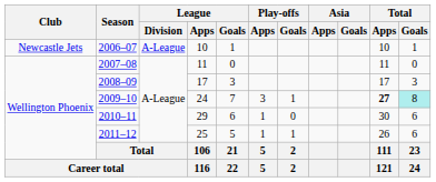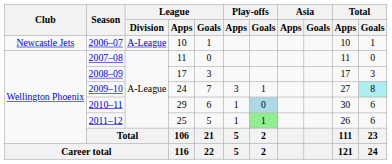 <table class="wikitable" style="text-align:center">
 <tr>
 <th rowspan="2">Club</th>
 <th rowspan="2">Season</th>
 <th colspan="3">League</th>
 <th colspan="2">Play-offs</th>
 <th colspan="2">Asia</th>
 <th colspan="2">Total</th>
 </tr>
 <tr>
 <th>Division</th>
 <th>Apps</th>
 <th>Goals</th>
 <th>Apps</th>
 <th>Goals</th>
 <th>Apps</th>
 <th>Goals</th>
 <th>Apps</th>
 <th>Goals</th>
 </tr>
 <tr>
 <td><a href='#'>Newcastle Jets</a></td>
 <td><a href='#'>2006–07</a></td>
 <td><a href='#'>A-League</a></td>
 <td>10</td>
 <td>1</td>
 <td></td>
 <td></td>
 <td></td>
 <td></td>
 <td>10</td>
 <td>1</td>
 </tr>
 <tr>
 <td rowspan="6"><a href='#'>Wellington Phoenix</a></td>
 <td><a href='#'>2007–08</a></td>
 <td rowspan="5">A-League</td>
 <td>11</td>
 <td>0</td>
 <td></td>
 <td></td>
 <td></td>
 <td></td>
 <td>11</td>
 <td>0</td>
 </tr>
 <tr>
 <td><a href='#'>2008–09</a></td>
 <td>17</td>
 <td>3</td>
 <td></td>
 <td></td>
 <td></td>
 <td></td>
 <td>17</td>
 <td>3</td>
 </tr>
 <tr>
 <td><a href='#'>2009–10</a></td>
 <td>24</td>
 <td>7</td>
 <td>3</td>
 <td>1</td>
 <td></td>
 <td></td>
-<td><strong>27</strong></td>
+<td>27</td>
 <td style="background: paleturquoise;">8</td>
 </tr>
 <tr>
 <td><a href='#'>2010–11</a></td>
 <td>29</td>
 <td>6</td>
 <td>1</td>
-<td>0</td>
+<td style="background: lightblue;">0</td>
 <td></td>
 <td></td>
 <td>30</td>
 <td>6</td>
 </tr>
 <tr>
 <td><a href='#'>2011–12</a></td>
 <td>25</td>
 <td>5</td>
 <td>1</td>
-<td>1</td>
+<td style="background: lightgreen;">1</td>
 <td></td>
 <td></td>
 <td>26</td>
 <td>6</td>
 </tr>
 <tr>
 <th colspan="2">Total</th>
 <th>106</th>
 <th>21</th>
 <th>5</th>
 <th>2</th>
 <th></th>
 <th></th>
 <th>111</th>
 <th>23</th>
 </tr>
 <tr>
 <th colspan="3">Career total</th>
 <th>116</th>
 <th>22</th>
 <th>5</th>
 <th>2</th>
 <th></th>
 <th></th>
 <th>121</th>
 <th>24</th>
 </tr>
 </table>
